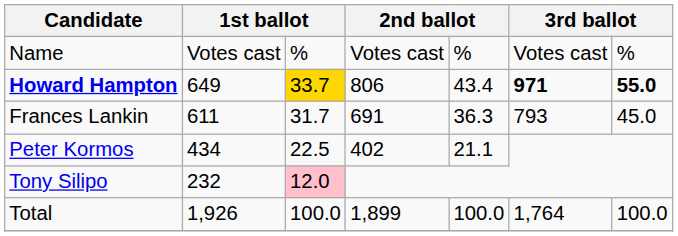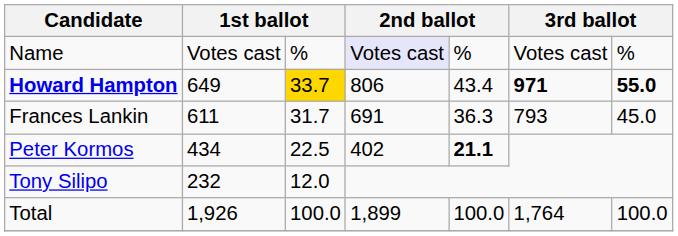 <table class="wikitable">
 <tr>
 <th colspan = "1">Candidate</th>
 <th colspan = "2">1st ballot</th>
 <th colspan = "2">2nd ballot</th>
 <th colspan = "2">3rd ballot</th>
 </tr>
 <tr>
 <td>Name</td>
 <td>Votes cast</td>
 <td>%</td>
-<td>Votes cast</td>
+<td style="background: lavender;">Votes cast</td>
 <td>%</td>
 <td>Votes cast</td>
 <td>%</td>
 </tr>
 <tr>
 <td><strong><a href='#'>Howard Hampton</a></strong></td>
 <td>649</td>
 <td style="background: gold;">33.7</td>
 <td>806</td>
 <td>43.4</td>
 <td><strong>971</strong></td>
 <td><strong>55.0</strong></td>
 </tr>
 <tr>
 <td>Frances Lankin</td>
 <td>611</td>
 <td>31.7</td>
 <td>691</td>
 <td>36.3</td>
 <td>793</td>
 <td>45.0</td>
 </tr>
 <tr>
 <td><a href='#'>Peter Kormos</a></td>
 <td>434</td>
 <td>22.5</td>
 <td>402</td>
-<td>21.1</td>
+<td><strong>21.1</strong></td>
 </tr>
 <tr>
 <td><a href='#'>Tony Silipo</a></td>
 <td>232</td>
-<td style="background: pink;">12.0</td>
+<td>12.0</td>
 </tr>
 <tr>
 <td>Total</td>
 <td>1,926</td>
 <td>100.0</td>
 <td>1,899</td>
 <td>100.0</td>
 <td>1,764</td>
 <td>100.0</td>
 </tr>
 <tr>
 </tr>
 </table>
